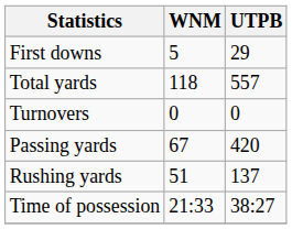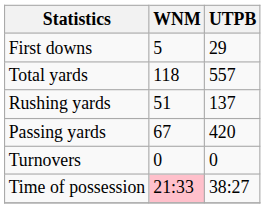 <table class="wikitable" style="float: left;">
 <tr>
 <th>Statistics</th>
 <th>WNM</th>
 <th>UTPB</th>
 </tr>
 <tr>
 <td>First downs</td>
 <td>5</td>
 <td>29</td>
 </tr>
 <tr>
 <td>Total yards</td>
 <td>118</td>
 <td>557</td>
 </tr>
 <tr>
-<td>Turnovers</td>
-<td>0</td>
-<td>0</td>
+<td>Rushing yards</td>
+<td>51</td>
+<td>137</td>
 </tr>
 <tr>
 <td>Passing yards</td>
 <td>67</td>
 <td>420</td>
 </tr>
 <tr>
-<td>Rushing yards</td>
-<td>51</td>
-<td>137</td>
+<td>Turnovers</td>
+<td>0</td>
+<td>0</td>
 </tr>
 <tr>
 <td>Time of possession</td>
-<td>21:33</td>
+<td style="background: pink;">21:33</td>
 <td>38:27</td>
 </tr>
 <tr>
 </tr>
 </table>
